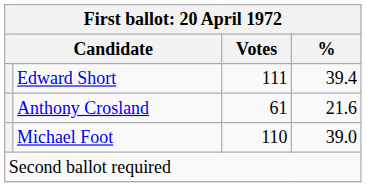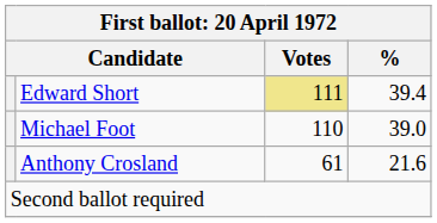 <table class=wikitable style="font-size:95%;">
 <tr>
 <th colspan="4">First ballot: 20 April 1972</th>
 </tr>
 <tr>
 <th colspan="2" style="width: 170px">Candidate</th>
 <th style="width: 52px">Votes</th>
 <th style="width: 52px">%</th>
 </tr>
 <tr>
 <th style="background-color: "></th>
 <td style="width: 170px"><a href='#'>Edward Short</a></td>
-<td align="right">111</td>
+<td align="right" style="background: khaki;">111</td>
 <td align="right">39.4</td>
+</tr>
+<tr>
+<th style="background-color: "></th>
+<td style="width: 170px"><a href='#'>Michael Foot</a></td>
+<td align="right">110</td>
+<td align="right">39.0</td>
 </tr>
 <tr>
 <th style="background-color: "></th>
 <td style="width: 170px"><a href='#'>Anthony Crosland</a></td>
 <td align="right">61</td>
 <td align="right">21.6</td>
 </tr>
 <tr>
-<th style="background-color: "></th>
-<td style="width: 170px"><a href='#'>Michael Foot</a></td>
-<td align="right">110</td>
-<td align="right">39.0</td>
-</tr>
-<tr>
 <td colspan="4">Second ballot required</td>
 </tr>
 <tr>
 </tr>
 </table>
